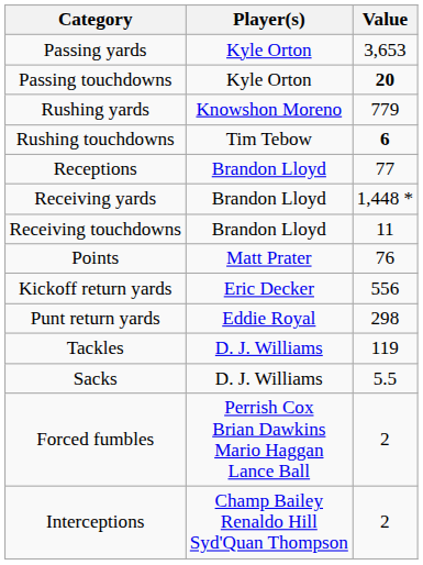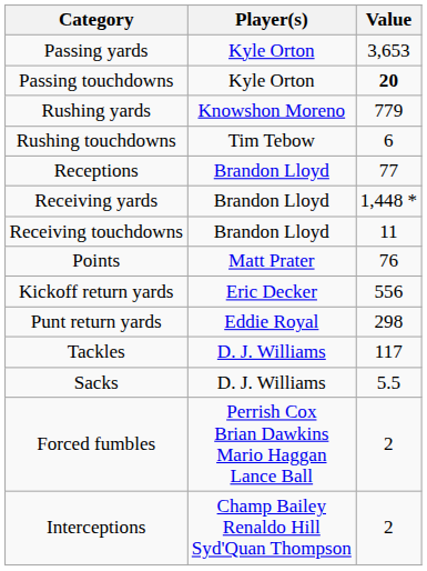 <table class="wikitable" style="text-align:center">
 <tr>
 <th>Category</th>
 <th>Player(s)</th>
 <th>Value</th>
 </tr>
 <tr>
 <td>Passing yards</td>
 <td><a href='#'>Kyle Orton</a></td>
 <td>3,653</td>
 </tr>
 <tr>
 <td>Passing touchdowns</td>
 <td>Kyle Orton</td>
 <td><strong>20</strong></td>
 </tr>
 <tr>
 <td>Rushing yards</td>
 <td><a href='#'>Knowshon Moreno</a></td>
 <td>779</td>
 </tr>
 <tr>
 <td>Rushing touchdowns</td>
 <td>Tim Tebow</td>
-<td><strong>6</strong></td>
+<td>6</td>
 </tr>
 <tr>
 <td>Receptions</td>
 <td><a href='#'>Brandon Lloyd</a></td>
 <td>77</td>
 </tr>
 <tr>
 <td>Receiving yards</td>
 <td>Brandon Lloyd</td>
 <td>1,448 *</td>
 </tr>
 <tr>
 <td>Receiving touchdowns</td>
 <td>Brandon Lloyd</td>
 <td>11</td>
 </tr>
 <tr>
 <td>Points</td>
 <td><a href='#'>Matt Prater</a></td>
 <td>76</td>
 </tr>
 <tr>
 <td>Kickoff return yards</td>
 <td><a href='#'>Eric Decker</a></td>
 <td>556</td>
 </tr>
 <tr>
 <td>Punt return yards</td>
 <td><a href='#'>Eddie Royal</a></td>
 <td>298</td>
 </tr>
 <tr>
 <td>Tackles</td>
 <td><a href='#'>D. J. Williams</a></td>
-<td>119</td>
+<td>117</td>
 </tr>
 <tr>
 <td>Sacks</td>
 <td>D. J. Williams</td>
 <td>5.5</td>
 </tr>
 <tr>
 <td>Forced fumbles</td>
 <td><a href='#'>Perrish Cox</a><br><a href='#'>Brian Dawkins</a><br><a href='#'>Mario Haggan</a><br><a href='#'>Lance Ball</a></td>
 <td>2</td>
 </tr>
 <tr>
 <td>Interceptions</td>
 <td><a href='#'>Champ Bailey</a><br><a href='#'>Renaldo Hill</a><br><a href='#'>Syd'Quan Thompson</a></td>
 <td>2</td>
 </tr>
 </table>
